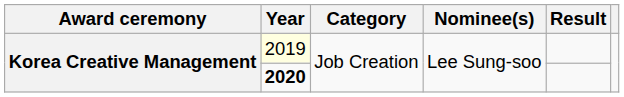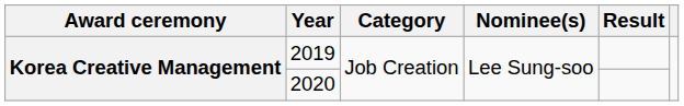 <table class="wikitable sortable plainrowheaders" style="text-align:center">
 <tr>
 <th scope="col">Award ceremony</th>
 <th scope="col">Year</th>
 <th scope="col">Category</th>
 <th scope="col">Nominee(s)</th>
 <th scope="col">Result</th>
 <th scope="col" class="unsortable"></th>
 </tr>
 <tr>
 <th scope="row" rowspan="2">Korea Creative Management</th>
-<td style="background: lightyellow;">2019</td>
+<td>2019</td>
 <td style="text-align:left" rowspan="2">Job Creation</td>
 <td rowspan="2">Lee Sung-soo</td>
 <td></td>
 <td rowspan="2"></td>
 </tr>
 <tr>
-<td><strong>2020</strong></td>
+<td>2020</td>
 <td></td>
 </tr>
 </table>
